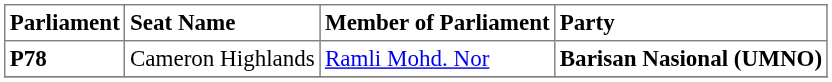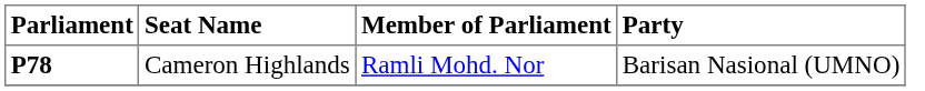 <table class="toccolours sortable" border="1" cellpadding="3" style="border-collapse:collapse; text-align: left;">
 <tr>
 <th align="center">Parliament</th>
 <th>Seat Name</th>
 <th>Member of Parliament</th>
 <th>Party</th>
 </tr>
 <tr>
 <th align="left">P78</th>
 <td>Cameron Highlands</td>
 <td><a href='#'>Ramli Mohd. Nor</a></td>
-<td><strong>Barisan Nasional (UMNO)</strong></td>
+<td>Barisan Nasional (UMNO)</td>
 </tr>
 <tr>
 </tr>
 </table>
